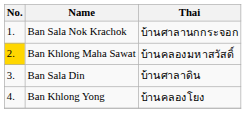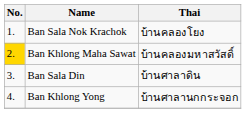 <table class="wikitable sortable">
 <tr>
 <th>No.</th>
 <th>Name</th>
 <th>Thai</th>
 </tr>
 <tr>
 <td>1.</td>
 <td>Ban Sala Nok Krachok</td>
-<td>บ้านศาลานกกระจอก</td>
+<td>บ้านคลองโยง</td>
 </tr>
 <tr>
 <td style="background: gold;">2.</td>
 <td>Ban Khlong Maha Sawat</td>
 <td>บ้านคลองมหาสวัสดิ์</td>
 </tr>
 <tr>
 <td>3.</td>
 <td>Ban Sala Din</td>
 <td>บ้านศาลาดิน</td>
 </tr>
 <tr>
 <td>4.</td>
 <td>Ban Khlong Yong</td>
-<td>บ้านคลองโยง</td>
+<td>บ้านศาลานกกระจอก</td>
 </tr>
 <tr>
 </tr>
 </table>
